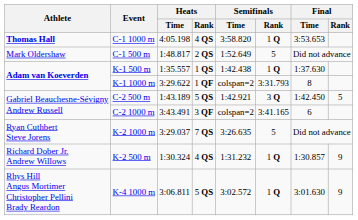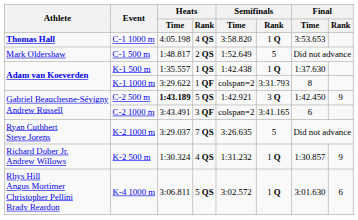 <table class="wikitable" style="font-size:90%">
 <tr>
 <th rowspan="2">Athlete</th>
 <th rowspan="2">Event</th>
 <th colspan="2">Heats</th>
 <th colspan="2">Semifinals</th>
 <th colspan="2">Final</th>
 </tr>
 <tr style="font-size:95%">
 <th>Time</th>
 <th>Rank</th>
 <th>Time</th>
 <th>Rank</th>
 <th>Time</th>
 <th>Rank</th>
 </tr>
 <tr align=center>
 <td align=left><strong><a href='#'>Thomas Hall</a></strong></td>
 <td align=left><a href='#'>C-1 1000 m</a></td>
 <td>4:05.198</td>
 <td>4 <strong>QS</strong></td>
 <td>3:58.820</td>
 <td>1 <strong>Q</strong></td>
 <td>3:53.653</td>
 <td></td>
 </tr>
 <tr align=center>
 <td align=left><a href='#'>Mark Oldershaw</a></td>
 <td align=left><a href='#'>C-1 500 m</a></td>
 <td>1:48.817</td>
 <td>2 <strong>QS</strong></td>
 <td>1:52.649</td>
 <td>5</td>
 <td colspan=2>Did not advance</td>
 </tr>
 <tr align=center>
 <td align=left rowspan=2><strong><a href='#'>Adam van Koeverden</a></strong></td>
 <td align=left><a href='#'>K-1 500 m</a></td>
 <td>1:35.557</td>
 <td>1 <strong>QS</strong></td>
 <td>1:42.438</td>
 <td>1 <strong>Q</strong></td>
 <td>1:37.630</td>
 <td></td>
 </tr>
 <tr align=center>
 <td align=left><a href='#'>K-1 1000 m</a></td>
 <td>3:29.622</td>
 <td>1 <strong>QF</strong></td>
 <td>colspan=2 </td>
 <td>3:31.793</td>
 <td>8</td>
 </tr>
 <tr align=center>
 <td align=left rowspan=2><a href='#'>Gabriel Beauchesne-Sévigny</a><br><a href='#'>Andrew Russell</a></td>
 <td align=left><a href='#'>C-2 500 m</a></td>
-<td>1:43.189</td>
+<td><strong>1:43.189</strong></td>
 <td>5 <strong>QS</strong></td>
 <td>1:42.921</td>
 <td>3 <strong>Q</strong></td>
 <td>1:42.450</td>
-<td>5</td>
+<td>9</td>
 </tr>
 <tr align=center>
 <td align=left><a href='#'>C-2 1000 m</a></td>
 <td>3:43.491</td>
 <td>3 <strong>QF</strong></td>
 <td>colspan=2 </td>
 <td>3:41.165</td>
 <td>6</td>
 </tr>
 <tr align=center>
 <td align=left><a href='#'>Ryan Cuthbert</a><br><a href='#'>Steve Jorens</a></td>
 <td align=left><a href='#'>K-2 1000 m</a></td>
 <td>3:29.037</td>
 <td>7 <strong>QS</strong></td>
 <td>3:26.635</td>
 <td>5</td>
 <td colspan=2>Did not advance</td>
 </tr>
 <tr align=center>
 <td align=left><a href='#'>Richard Dober Jr.</a><br><a href='#'>Andrew Willows</a></td>
 <td align=left><a href='#'>K-2 500 m</a></td>
 <td>1:30.324</td>
 <td>4 <strong>QS</strong></td>
 <td>1:31.232</td>
 <td>1 <strong>Q</strong></td>
 <td>1:30.857</td>
 <td>9</td>
 </tr>
 <tr align=center>
 <td align=left><a href='#'>Rhys Hill</a><br> <a href='#'>Angus Mortimer</a><br><a href='#'>Christopher Pellini</a><br><a href='#'>Brady Reardon</a></td>
 <td align=left><a href='#'>K-4 1000 m</a></td>
 <td>3:06.811</td>
 <td>5 <strong>QS</strong></td>
 <td>3:02.572</td>
 <td>1 <strong>Q</strong></td>
 <td>3:01.630</td>
-<td>9</td>
+<td>6</td>
 </tr>
 </table>
